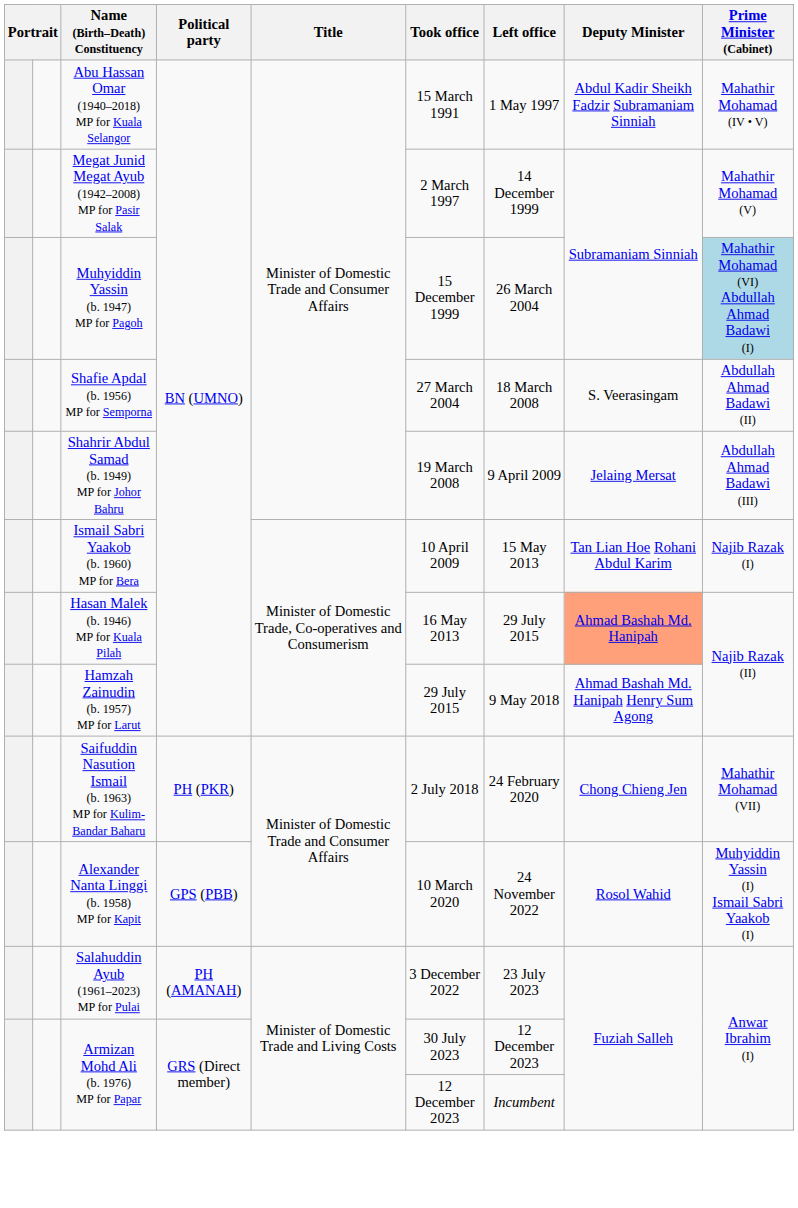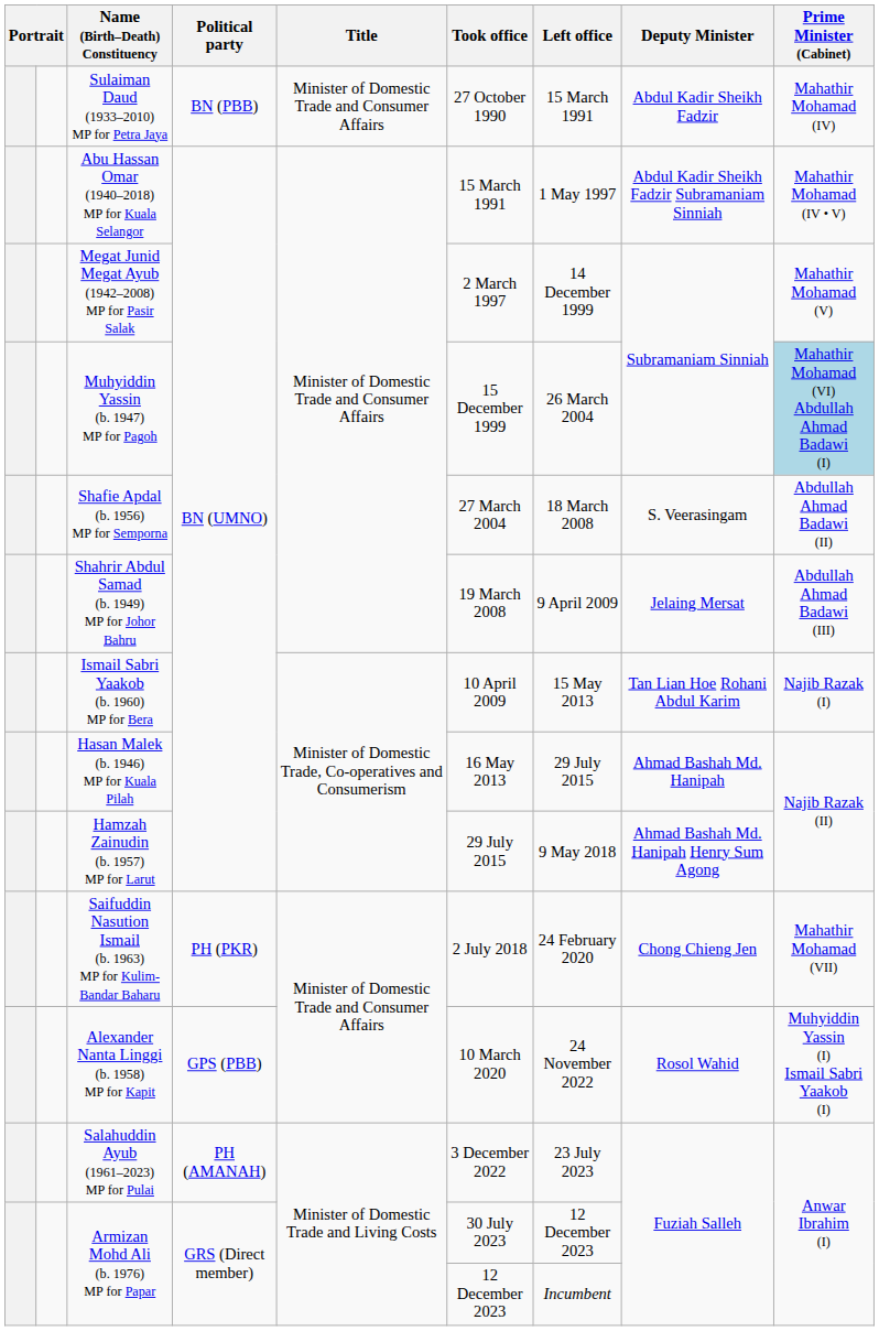 <table class="wikitable" style="text-align:center;">
 <tr>
 <th colspan=2>Portrait</th>
 <th>Name<br><small>(Birth–Death)<br>Constituency</small></th>
 <th>Political party</th>
 <th>Title</th>
 <th>Took office</th>
 <th>Left office</th>
 <th>Deputy Minister</th>
 <th><a href='#'>Prime Minister</a><br><small>(Cabinet)</small></th>
+</tr>
+<tr>
+<th style="background:"></th>
+<td></td>
+<td><a href='#'>Sulaiman Daud</a><br><small>(1933–2010)<br>MP for <a href='#'>Petra Jaya</a></small></td>
+<td><a href='#'>BN</a> (<a href='#'>PBB</a>)</td>
+<td>Minister of Domestic Trade and Consumer Affairs</td>
+<td>27 October 1990</td>
+<td>15 March 1991</td>
+<td><a href='#'>Abdul Kadir Sheikh Fadzir</a></td>
+<td><a href='#'>Mahathir Mohamad</a><br><small>(IV)</small></td>
 </tr>
 <tr>
 <th style="background:"></th>
 <td></td>
 <td><a href='#'>Abu Hassan Omar</a><br><small>(1940–2018)<br>MP for <a href='#'>Kuala Selangor</a></small></td>
 <td rowspan="8"><a href='#'>BN</a> (<a href='#'>UMNO</a>)</td>
 <td rowspan="5">Minister of Domestic Trade and Consumer Affairs</td>
 <td>15 March 1991</td>
 <td>1 May 1997</td>
 <td><a href='#'>Abdul Kadir Sheikh Fadzir</a>  <a href='#'>Subramaniam Sinniah</a> </td>
 <td><a href='#'>Mahathir Mohamad</a><br><small>(IV • V)</small></td>
 </tr>
 <tr>
 <th style="background:"></th>
 <td></td>
 <td><a href='#'>Megat Junid Megat Ayub</a><br><small>(1942–2008)<br>MP for <a href='#'>Pasir Salak</a></small></td>
 <td>2 March 1997</td>
 <td>14 December 1999</td>
 <td rowspan="2"><a href='#'>Subramaniam Sinniah</a></td>
 <td><a href='#'>Mahathir Mohamad</a><br><small>(V)</small></td>
 </tr>
 <tr>
 <th style="background:"></th>
 <td></td>
 <td><a href='#'>Muhyiddin Yassin</a><br><small>(b. 1947)<br>MP for <a href='#'>Pagoh</a></small></td>
 <td>15 December 1999</td>
 <td>26 March 2004</td>
 <td style="background: lightblue;"><a href='#'>Mahathir Mohamad</a><br><small>(VI)</small><br><a href='#'>Abdullah Ahmad Badawi</a><br><small>(I)</small></td>
 </tr>
 <tr>
 <th style="background:"></th>
 <td></td>
 <td><a href='#'>Shafie Apdal</a><br><small>(b. 1956)<br>MP for <a href='#'>Semporna</a></small></td>
 <td>27 March 2004</td>
 <td>18 March 2008</td>
 <td>S. Veerasingam</td>
 <td><a href='#'>Abdullah Ahmad Badawi</a><br><small>(II)</small></td>
 </tr>
 <tr>
 <th style="background:"></th>
 <td></td>
 <td><a href='#'>Shahrir Abdul Samad</a><br><small>(b. 1949)<br>MP for <a href='#'>Johor Bahru</a></small></td>
 <td>19 March 2008</td>
 <td>9 April 2009</td>
 <td><a href='#'>Jelaing Mersat</a></td>
 <td><a href='#'>Abdullah Ahmad Badawi</a><br><small>(III)</small></td>
 </tr>
 <tr>
 <th style="background:"></th>
 <td></td>
 <td><a href='#'>Ismail Sabri Yaakob</a><br><small>(b. 1960)<br>MP for <a href='#'>Bera</a></small></td>
 <td rowspan=3>Minister of Domestic Trade, Co-operatives and Consumerism</td>
 <td>10 April 2009</td>
 <td>15 May 2013</td>
 <td><a href='#'>Tan Lian Hoe</a> <a href='#'>Rohani Abdul Karim</a> </td>
 <td><a href='#'>Najib Razak</a><br><small>(I)</small></td>
 </tr>
 <tr>
 <th style="background:"></th>
 <td></td>
 <td><a href='#'>Hasan Malek</a><br><small>(b. 1946)<br>MP for <a href='#'>Kuala Pilah</a></small></td>
 <td>16 May 2013</td>
 <td>29 July 2015</td>
-<td style="background: lightsalmon;"><a href='#'>Ahmad Bashah Md. Hanipah</a></td>
+<td><a href='#'>Ahmad Bashah Md. Hanipah</a></td>
 <td rowspan="2"><a href='#'>Najib Razak</a><br><small>(II)</small></td>
 </tr>
 <tr>
 <th style="background:"></th>
 <td></td>
 <td><a href='#'>Hamzah Zainudin</a><br><small>(b. 1957)<br>MP for <a href='#'>Larut</a></small></td>
 <td>29 July 2015</td>
 <td>9 May 2018</td>
 <td><a href='#'>Ahmad Bashah Md. Hanipah</a> <a href='#'>Henry Sum Agong</a> </td>
 </tr>
 <tr>
 <th style="background:"></th>
 <td></td>
 <td><a href='#'>Saifuddin Nasution Ismail</a><br><small>(b. 1963)<br>MP for <a href='#'>Kulim-Bandar Baharu</a></small></td>
 <td><a href='#'>PH</a> (<a href='#'>PKR</a>)</td>
 <td rowspan=2>Minister of Domestic Trade and Consumer Affairs</td>
 <td>2 July 2018</td>
 <td>24 February 2020</td>
 <td><a href='#'>Chong Chieng Jen</a></td>
 <td><a href='#'>Mahathir Mohamad</a><br><small>(VII)</small></td>
 </tr>
 <tr>
 <th style="background:"></th>
 <td></td>
 <td><a href='#'>Alexander Nanta Linggi</a><br><small>(b. 1958)<br>MP for <a href='#'>Kapit</a></small></td>
 <td><a href='#'>GPS</a> (<a href='#'>PBB</a>)</td>
 <td>10 March 2020</td>
 <td>24 November 2022</td>
 <td><a href='#'>Rosol Wahid</a></td>
 <td><a href='#'>Muhyiddin Yassin</a><br><small>(I)</small><br><a href='#'>Ismail Sabri Yaakob</a><br><small>(I)</small></td>
 </tr>
 <tr>
 <th style="background:"></th>
 <td></td>
 <td><a href='#'>Salahuddin Ayub</a><br><small>(1961–2023)<br>MP for <a href='#'>Pulai</a></small></td>
 <td><a href='#'>PH</a> (<a href='#'>AMANAH</a>)</td>
 <td rowspan="3">Minister of Domestic Trade and Living Costs</td>
 <td>3 December 2022</td>
 <td>23 July 2023</td>
 <td rowspan="3"><a href='#'>Fuziah Salleh</a></td>
 <td rowspan="3"><a href='#'>Anwar Ibrahim</a><br><small>(I)</small></td>
 </tr>
 <tr>
 <th rowspan=2 style="background:"></th>
 <td rowspan=2></td>
 <td rowspan=2><a href='#'>Armizan Mohd Ali</a><br><small>(b. 1976)<br>MP for <a href='#'>Papar</a></small></td>
 <td rowspan=2><a href='#'>GRS</a> (Direct member)</td>
 <td>30 July 2023</td>
 <td>12 December 2023</td>
 </tr>
 <tr>
 <td>12 December 2023</td>
 <td><em>Incumbent</em></td>
 </tr>
 </table>
